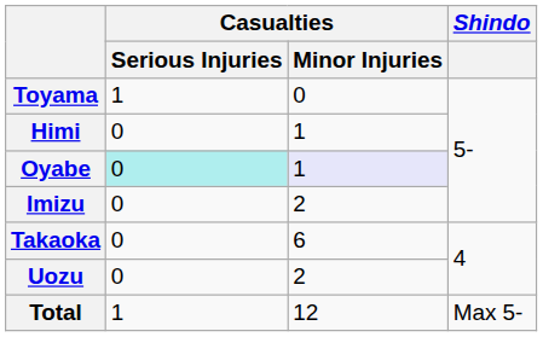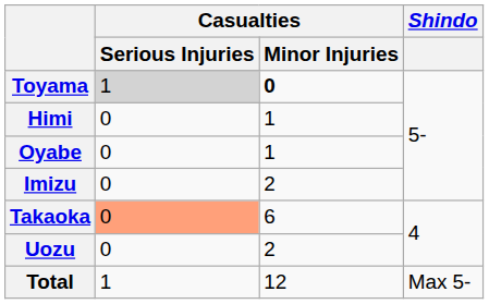 <table class="wikitable">
 <tr>
 <th rowspan="2"></th>
 <th colspan="2">Casualties</th>
 <th><em><a href='#'>Shindo</a></em></th>
 </tr>
 <tr>
 <th>Serious Injuries</th>
 <th>Minor Injuries</th>
 <th></th>
 </tr>
 <tr>
 <th><a href='#'>Toyama</a></th>
-<td>1</td>
-<td>0</td>
+<td style="background: lightgrey;">1</td>
+<td><strong>0</strong></td>
 <td rowspan="4">5-</td>
 </tr>
 <tr>
 <th><a href='#'>Himi</a></th>
 <td>0</td>
 <td>1</td>
 </tr>
 <tr>
 <th><a href='#'>Oyabe</a></th>
-<td style="background: paleturquoise;">0</td>
-<td style="background: lavender;">1</td>
+<td>0</td>
+<td>1</td>
 </tr>
 <tr>
 <th><a href='#'>Imizu</a></th>
 <td>0</td>
 <td>2</td>
 </tr>
 <tr>
 <th><a href='#'>Takaoka</a></th>
-<td>0</td>
+<td style="background: lightsalmon;">0</td>
 <td>6</td>
 <td rowspan="2">4</td>
 </tr>
 <tr>
 <th><a href='#'>Uozu</a></th>
 <td>0</td>
 <td>2</td>
 </tr>
 <tr>
 <th>Total</th>
 <td>1</td>
 <td>12</td>
 <td>Max 5-</td>
 </tr>
 </table>
